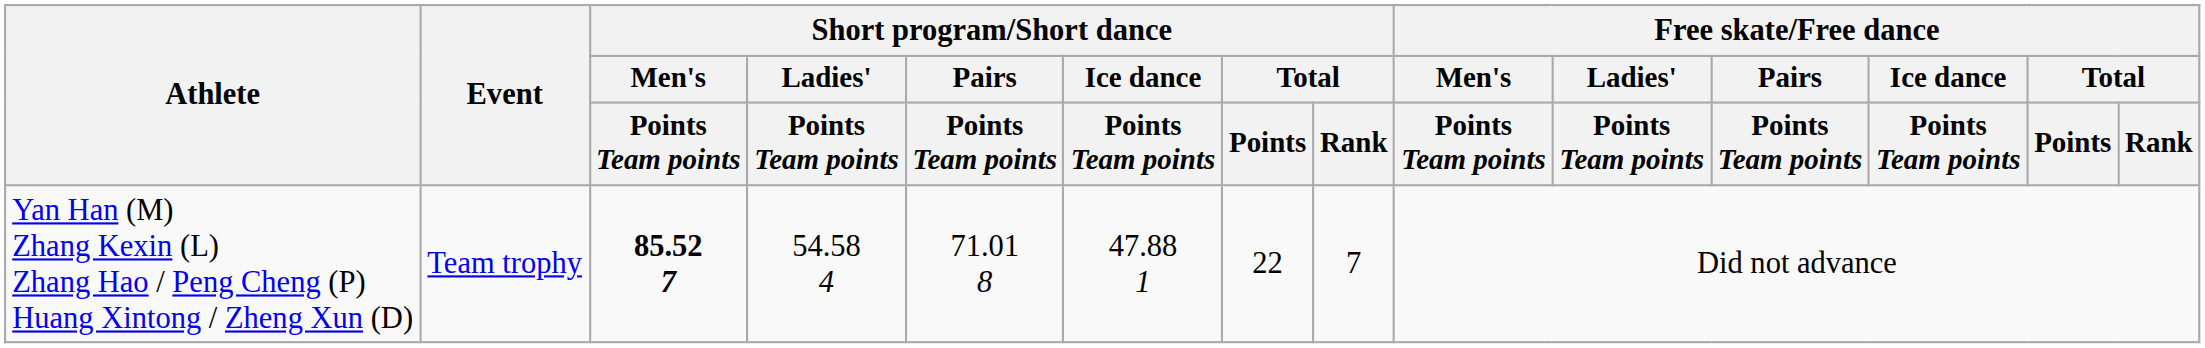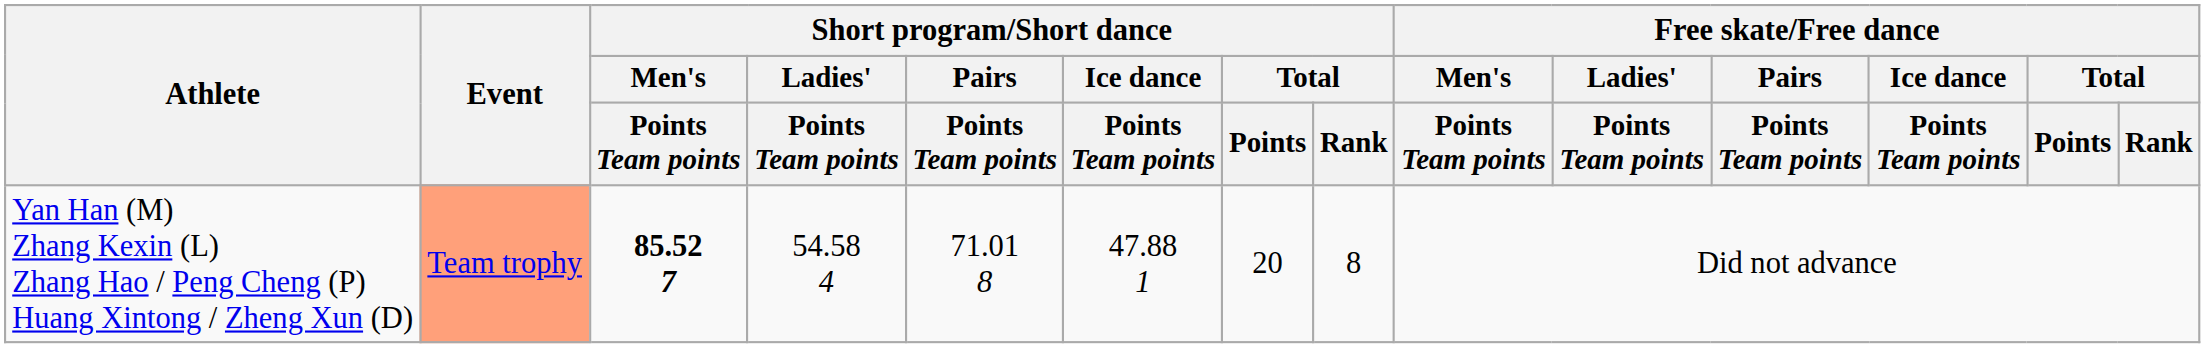 <table class="wikitable" style="font-size:90%">
 <tr>
 <th rowspan=3>Athlete</th>
 <th rowspan=3>Event</th>
 <th colspan=6>Short program/Short dance</th>
 <th colspan=6>Free skate/Free dance</th>
 </tr>
 <tr style="font-size:95%">
 <th>Men's</th>
 <th>Ladies'</th>
 <th>Pairs</th>
 <th>Ice dance</th>
 <th colspan=2>Total</th>
 <th>Men's</th>
 <th>Ladies'</th>
 <th>Pairs</th>
 <th>Ice dance</th>
 <th colspan=2>Total</th>
 </tr>
 <tr style="font-size:95%">
 <th>Points<br><em>Team points</em></th>
 <th>Points<br><em>Team points</em></th>
 <th>Points<br><em>Team points</em></th>
 <th>Points<br><em>Team points</em></th>
 <th>Points</th>
 <th>Rank</th>
 <th>Points<br><em>Team points</em></th>
 <th>Points<br><em>Team points</em></th>
 <th>Points<br><em>Team points</em></th>
 <th>Points<br><em>Team points</em></th>
 <th>Points</th>
 <th>Rank</th>
 </tr>
 <tr align=center>
 <td align=left><a href='#'>Yan Han</a> (M)<br><a href='#'>Zhang Kexin</a> (L)<br><a href='#'>Zhang Hao</a> / <a href='#'>Peng Cheng</a> (P)<br><a href='#'>Huang Xintong</a> / <a href='#'>Zheng Xun</a> (D)</td>
-<td align=left><a href='#'>Team trophy</a></td>
+<td align=left style="background: lightsalmon;"><a href='#'>Team trophy</a></td>
 <td><strong>85.52<br><em>7</em></strong></td>
 <td>54.58<br><em>4</em></td>
 <td>71.01<br><em>8</em></td>
 <td>47.88<br><em>1</em></td>
-<td>22</td>
-<td>7</td>
+<td>20</td>
+<td>8</td>
 <td colspan=6>Did not advance</td>
 </tr>
 </table>
